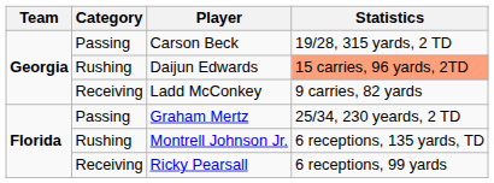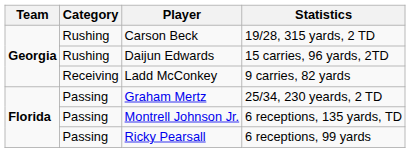 <table class="wikitable" style="float: right;">
 <tr>
 <th>Team</th>
 <th>Category</th>
 <th>Player</th>
 <th>Statistics</th>
 </tr>
 <tr>
 <td rowspan=3><strong>Georgia</strong></td>
-<td>Passing</td>
+<td>Rushing</td>
 <td>Carson Beck</td>
 <td>19/28, 315 yards, 2 TD</td>
 </tr>
 <tr>
 <td>Rushing</td>
 <td>Daijun Edwards</td>
-<td style="background: lightsalmon;">15 carries, 96 yards, 2TD</td>
+<td>15 carries, 96 yards, 2TD</td>
 </tr>
 <tr>
 <td>Receiving</td>
 <td>Ladd McConkey</td>
 <td>9 carries, 82 yards</td>
 </tr>
 <tr>
 <td rowspan=3><strong>Florida</strong></td>
 <td>Passing</td>
 <td><a href='#'>Graham Mertz</a></td>
 <td>25/34, 230 yeards, 2 TD</td>
 </tr>
 <tr>
-<td>Rushing</td>
+<td>Passing</td>
 <td><a href='#'>Montrell Johnson Jr.</a></td>
 <td>6 receptions, 135 yards, TD</td>
 </tr>
 <tr>
-<td>Receiving</td>
+<td>Passing</td>
 <td><a href='#'>Ricky Pearsall</a></td>
 <td>6 receptions, 99 yards</td>
 </tr>
 </table>
